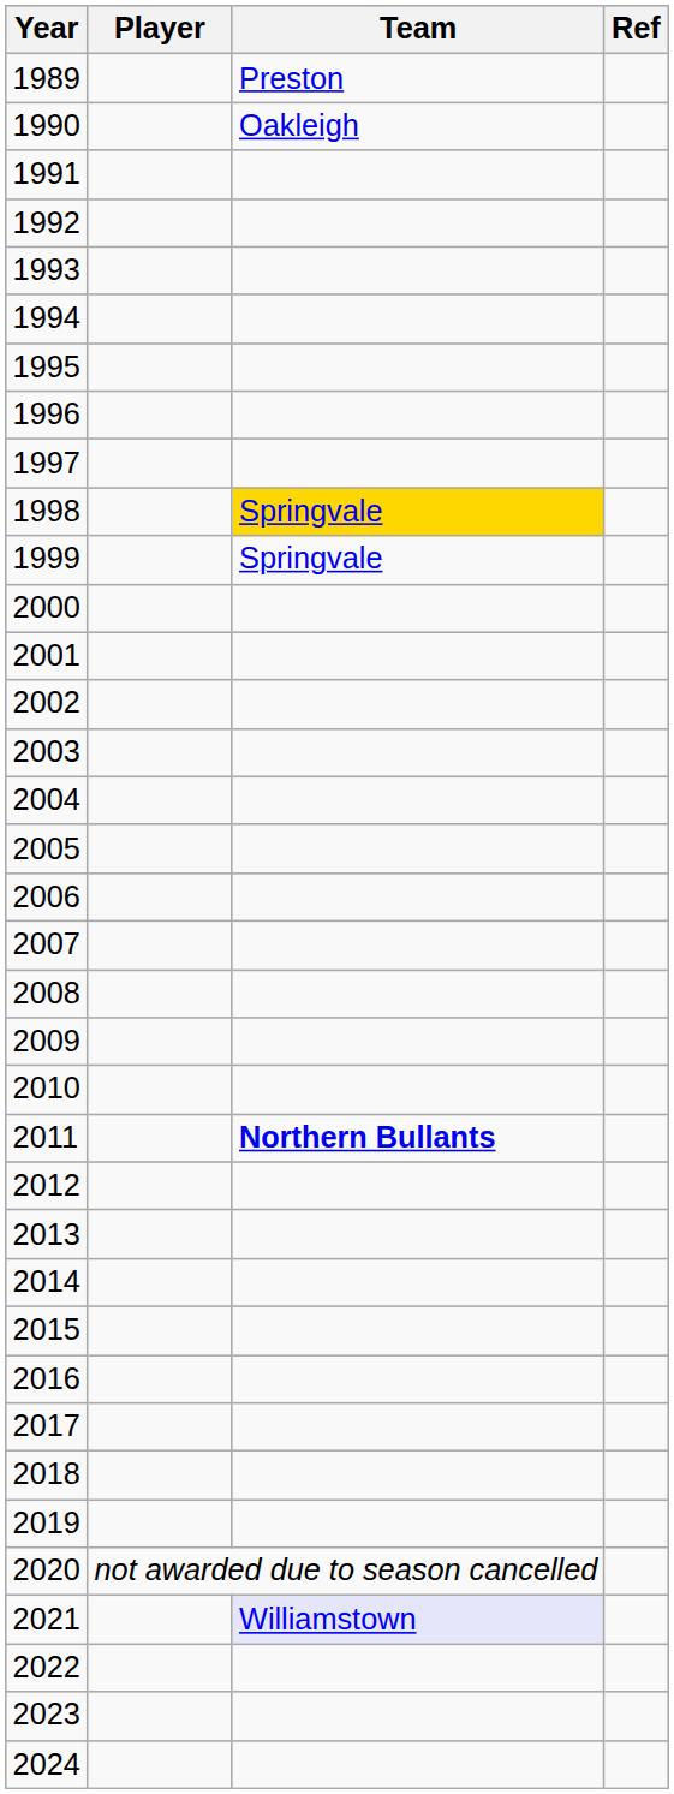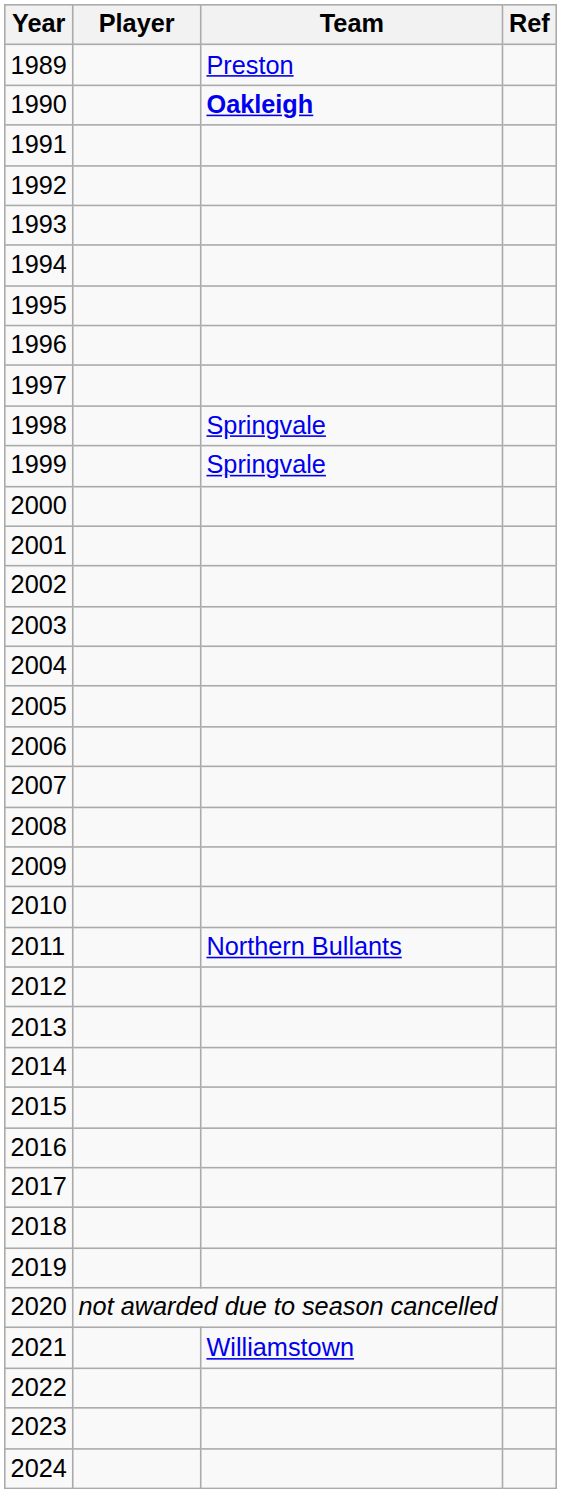 <table class="wikitable sortable">
 <tr>
 <th>Year</th>
 <th>Player</th>
 <th>Team</th>
 <th>Ref</th>
 </tr>
 <tr>
 <td>1989</td>
 <td></td>
 <td><a href='#'>Preston</a></td>
 <td></td>
 </tr>
 <tr>
 <td>1990</td>
 <td></td>
-<td><a href='#'>Oakleigh</a></td>
+<td><strong><a href='#'>Oakleigh</a></strong></td>
 <td></td>
 </tr>
 <tr>
 <td>1991</td>
 <td></td>
 <td></td>
 <td></td>
 </tr>
 <tr>
 <td>1992</td>
 <td></td>
 <td></td>
 <td></td>
 </tr>
 <tr>
 <td>1993</td>
 <td></td>
 <td></td>
 <td></td>
 </tr>
 <tr>
 <td>1994</td>
 <td></td>
 <td></td>
 <td></td>
 </tr>
 <tr>
 <td>1995</td>
 <td></td>
 <td></td>
 <td></td>
 </tr>
 <tr>
 <td>1996</td>
 <td></td>
 <td></td>
 <td></td>
 </tr>
 <tr>
 <td>1997</td>
 <td></td>
 <td></td>
 <td></td>
 </tr>
 <tr>
 <td>1998</td>
 <td></td>
-<td style="background: gold;"><a href='#'>Springvale</a></td>
+<td><a href='#'>Springvale</a></td>
 <td></td>
 </tr>
 <tr>
 <td>1999</td>
 <td></td>
 <td><a href='#'>Springvale</a></td>
 <td></td>
 </tr>
 <tr>
 <td>2000</td>
 <td></td>
 <td></td>
 <td></td>
 </tr>
 <tr>
 <td>2001</td>
 <td></td>
 <td></td>
 <td></td>
 </tr>
 <tr>
 <td>2002</td>
 <td></td>
 <td></td>
 <td></td>
 </tr>
 <tr>
 <td>2003</td>
 <td></td>
 <td></td>
 <td></td>
 </tr>
 <tr>
 <td>2004</td>
 <td></td>
 <td></td>
 <td></td>
 </tr>
 <tr>
 <td>2005</td>
 <td></td>
 <td></td>
 <td></td>
 </tr>
 <tr>
 <td>2006</td>
 <td></td>
 <td></td>
 <td></td>
 </tr>
 <tr>
 <td>2007</td>
 <td></td>
 <td></td>
 <td></td>
 </tr>
 <tr>
 <td>2008</td>
 <td></td>
 <td></td>
 <td></td>
 </tr>
 <tr>
 <td>2009</td>
 <td></td>
 <td></td>
 <td></td>
 </tr>
 <tr>
 <td>2010</td>
 <td></td>
 <td></td>
 <td></td>
 </tr>
 <tr>
 <td>2011</td>
 <td></td>
-<td><strong><a href='#'>Northern Bullants</a></strong></td>
+<td><a href='#'>Northern Bullants</a></td>
 <td></td>
 </tr>
 <tr>
 <td>2012</td>
 <td></td>
 <td></td>
 <td></td>
 </tr>
 <tr>
 <td>2013</td>
 <td></td>
 <td></td>
 <td></td>
 </tr>
 <tr>
 <td>2014</td>
 <td></td>
 <td></td>
 <td></td>
 </tr>
 <tr>
 <td>2015</td>
 <td></td>
 <td></td>
 <td></td>
 </tr>
 <tr>
 <td>2016</td>
 <td></td>
 <td></td>
 <td></td>
 </tr>
 <tr>
 <td>2017</td>
 <td></td>
 <td></td>
 <td></td>
 </tr>
 <tr>
 <td>2018</td>
 <td></td>
 <td></td>
 <td></td>
 </tr>
 <tr>
 <td>2019</td>
 <td></td>
 <td></td>
 <td></td>
 </tr>
 <tr>
 <td>2020</td>
 <td colspan="2"><em>not awarded due to season cancelled</em></td>
 <td></td>
 </tr>
 <tr>
 <td>2021</td>
 <td></td>
-<td style="background: lavender;"><a href='#'>Williamstown</a></td>
+<td><a href='#'>Williamstown</a></td>
 <td></td>
 </tr>
 <tr>
 <td>2022</td>
 <td></td>
 <td></td>
 <td></td>
 </tr>
 <tr>
 <td>2023</td>
 <td></td>
 <td></td>
 <td></td>
 </tr>
 <tr>
 <td>2024</td>
 <td></td>
 <td></td>
 <td></td>
 </tr>
 </table>
